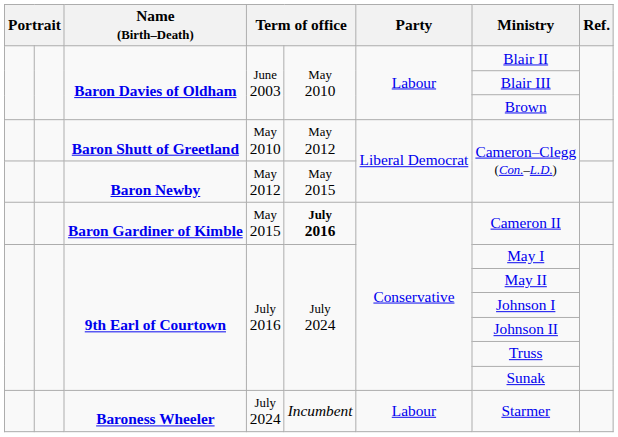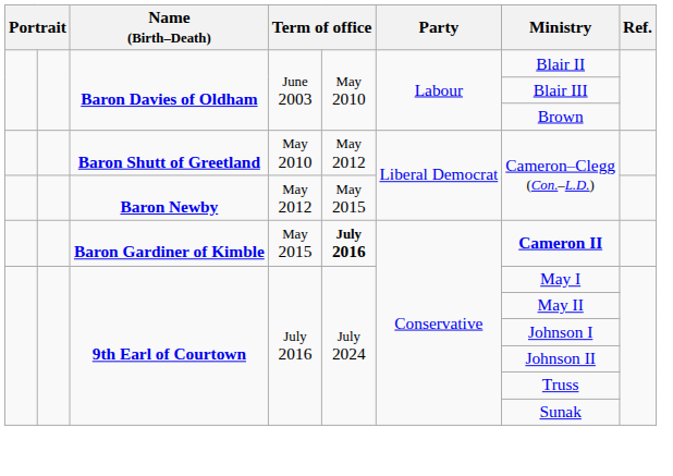 <table class="wikitable" style="text-align:center">
 <tr>
 <th colspan=2>Portrait</th>
 <th>Name<br><small>(Birth–Death)</small></th>
 <th colspan=2>Term of office</th>
 <th>Party</th>
 <th>Ministry</th>
 <th><abbr>Ref.</abbr></th>
 </tr>
 <tr>
 <td rowspan="3" style="background-color: "></td>
 <td rowspan="3"></td>
 <td rowspan="3"><a href='#'><br><strong>Baron Davies of Oldham</strong></a></td>
 <td rowspan="3"><small>June</small><br>2003</td>
 <td rowspan="3"><small>May</small><br>2010</td>
 <td rowspan="3" ><a href='#'>Labour</a></td>
 <td><a href='#'>Blair II</a></td>
 <td rowspan="3"></td>
 </tr>
 <tr>
 <td><a href='#'>Blair III</a></td>
 </tr>
 <tr>
 <td><a href='#'>Brown</a></td>
 </tr>
 <tr>
 <td style="background-color: "></td>
 <td></td>
 <td><a href='#'><br><strong>Baron Shutt of Greetland</strong></a></td>
 <td><small>May</small><br>2010</td>
 <td><small>May</small><br>2012</td>
 <td rowspan="2" ><a href='#'>Liberal Democrat</a></td>
 <td rowspan=2 ><a href='#'>Cameron–Clegg</a><br><small>(<em><a href='#'>Con.</a>–<a href='#'>L.D.</a></em>)</small></td>
 <td></td>
 </tr>
 <tr>
 <td style="background-color: "></td>
 <td></td>
 <td><a href='#'><br><strong>Baron Newby</strong></a></td>
 <td><small>May</small><br>2012</td>
 <td><small>May</small><br>2015</td>
 <td></td>
 </tr>
 <tr>
 <td style="background-color: "></td>
 <td></td>
 <td><a href='#'><br><strong>Baron Gardiner of Kimble</strong></a></td>
 <td><small>May</small><br>2015</td>
 <td><strong><small>July</small><br>2016</strong></td>
 <td rowspan="7" ><a href='#'>Conservative</a></td>
-<td><a href='#'>Cameron II</a></td>
+<td><strong><a href='#'>Cameron II</a></strong></td>
 <td></td>
 </tr>
 <tr>
 <td rowspan="6" style="background-color: "></td>
 <td rowspan="6"></td>
 <td rowspan="6"><a href='#'><br><strong>9th Earl of Courtown</strong></a></td>
 <td rowspan="6"><small>July</small><br>2016</td>
 <td rowspan="6"><small>July</small><br>2024</td>
 <td><a href='#'>May I</a></td>
 <td rowspan="6"></td>
 </tr>
 <tr>
 <td><a href='#'>May II</a></td>
 </tr>
 <tr>
 <td><a href='#'>Johnson I</a></td>
 </tr>
 <tr>
 <td><a href='#'>Johnson II</a></td>
 </tr>
 <tr>
 <td><a href='#'>Truss</a></td>
 </tr>
 <tr>
 <td><a href='#'>Sunak</a></td>
 </tr>
-<tr>
-<td style="background-color: "></td>
-<td></td>
-<td><a href='#'><br><strong>Baroness Wheeler</strong></a></td>
-<td><small>July</small><br>2024</td>
-<td><em>Incumbent</em></td>
-<td><a href='#'>Labour</a></td>
-<td><a href='#'>Starmer</a></td>
-<td></td>
-</tr>
 </table>
